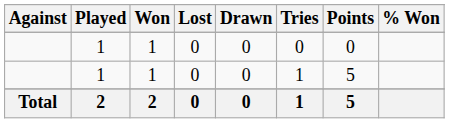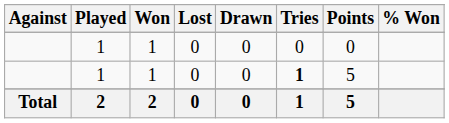 <table class="sortable wikitable" style="text-align: center;">
 <tr>
 </tr>
 <tr>
 <th>Against</th>
 <th>Played</th>
 <th>Won</th>
 <th>Lost</th>
 <th>Drawn</th>
 <th>Tries</th>
 <th>Points</th>
 <th>% Won</th>
 </tr>
 <tr bgcolor="#d0ffd0" align="center">
 </tr>
 <tr>
 <td align="left"></td>
 <td>1</td>
 <td>1</td>
 <td>0</td>
 <td>0</td>
 <td>0</td>
 <td>0</td>
 <td></td>
 </tr>
 <tr>
 <td align="left"></td>
 <td>1</td>
 <td>1</td>
 <td>0</td>
 <td>0</td>
-<td>1</td>
+<td><strong>1</strong></td>
 <td>5</td>
 <td></td>
 </tr>
 <tr>
 </tr>
 <tr class="sortbottom">
 <th>Total</th>
 <th>2</th>
 <th>2</th>
 <th>0</th>
 <th>0</th>
 <th>1</th>
 <th>5</th>
 <th></th>
 </tr>
 </table>
